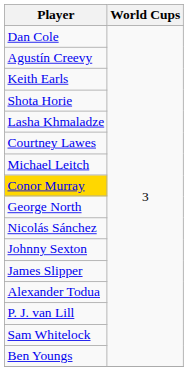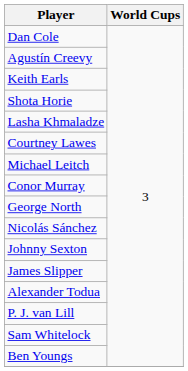 <table class="wikitable sortable" style="text-align:center">
 <tr>
 <th>Player</th>
 <th>World Cups</th>
 </tr>
 <tr>
 <td align="left"> <a href='#'>Dan Cole</a></td>
 <td rowspan=16>3</td>
 </tr>
 <tr>
 <td align="left"> <a href='#'>Agustín Creevy</a></td>
 </tr>
 <tr>
 <td align="left"> <a href='#'>Keith Earls</a></td>
 </tr>
 <tr>
 <td align="left"> <a href='#'>Shota Horie</a></td>
 </tr>
 <tr>
 <td align="left"> <a href='#'>Lasha Khmaladze</a></td>
 </tr>
 <tr>
 <td align="left"> <a href='#'>Courtney Lawes</a></td>
 </tr>
 <tr>
 <td align="left"> <a href='#'>Michael Leitch</a></td>
 </tr>
 <tr>
-<td align="left" style="background: gold;"> <a href='#'>Conor Murray</a></td>
+<td align="left"> <a href='#'>Conor Murray</a></td>
 </tr>
 <tr>
 <td align="left"> <a href='#'>George North</a></td>
 </tr>
 <tr>
 <td align="left"> <a href='#'>Nicolás Sánchez</a></td>
 </tr>
 <tr>
 <td align="left"> <a href='#'>Johnny Sexton</a></td>
 </tr>
 <tr>
 <td align="left"> <a href='#'>James Slipper</a></td>
 </tr>
 <tr>
 <td align="left"> <a href='#'>Alexander Todua</a></td>
 </tr>
 <tr>
 <td align="left"> <a href='#'>P. J. van Lill</a></td>
 </tr>
 <tr>
 <td align="left"> <a href='#'>Sam Whitelock</a></td>
 </tr>
 <tr>
 <td align="left"> <a href='#'>Ben Youngs</a></td>
 </tr>
 <tr>
 </tr>
 </table>
